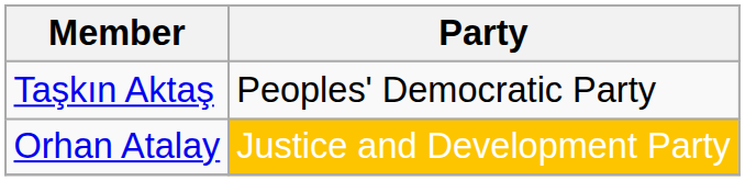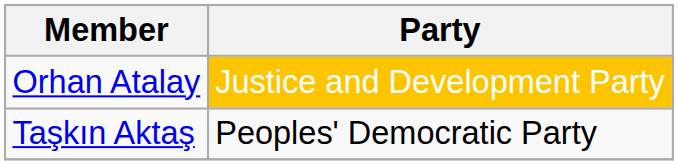 <table class="wikitable">
 <tr>
 <th>Member</th>
 <th>Party</th>
 </tr>
 <tr>
+<td><a href='#'>Orhan Atalay</a></td>
+<td style="background:#FDC400; color:white">Justice and Development Party</td>
+</tr>
+<tr>
 <td><a href='#'>Taşkın Aktaş</a></td>
 <td style="background:">Peoples' Democratic Party</td>
 </tr>
 <tr>
-<td><a href='#'>Orhan Atalay</a></td>
-<td style="background:#FDC400; color:white">Justice and Development Party</td>
-</tr>
-<tr>
 </tr>
 </table>
